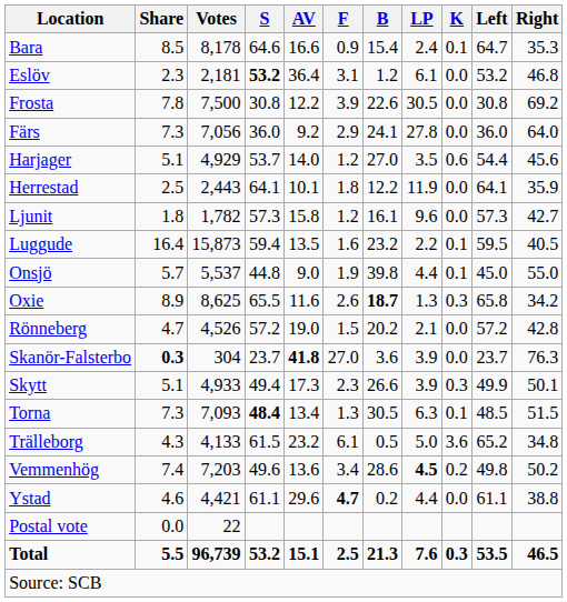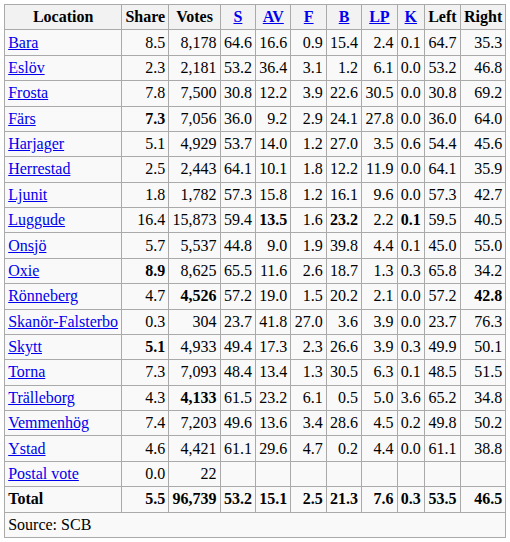 <table class="wikitable sortable" style=text-align:right>
 <tr>
 <th>Location</th>
 <th>Share</th>
 <th>Votes</th>
 <th><a href='#'>S</a></th>
 <th><a href='#'>AV</a></th>
 <th><a href='#'>F</a></th>
 <th><a href='#'>B</a></th>
 <th><a href='#'>LP</a></th>
 <th><a href='#'>K</a></th>
 <th>Left</th>
 <th>Right</th>
 </tr>
 <tr>
 <td align=left><a href='#'>Bara</a></td>
 <td>8.5</td>
 <td>8,178</td>
 <td>64.6</td>
 <td>16.6</td>
 <td>0.9</td>
 <td>15.4</td>
 <td>2.4</td>
 <td>0.1</td>
 <td>64.7</td>
 <td>35.3</td>
 </tr>
 <tr>
 <td align=left><a href='#'>Eslöv</a></td>
 <td>2.3</td>
 <td>2,181</td>
-<td><strong>53.2</strong></td>
+<td>53.2</td>
 <td>36.4</td>
 <td>3.1</td>
 <td>1.2</td>
 <td>6.1</td>
 <td>0.0</td>
 <td>53.2</td>
 <td>46.8</td>
 </tr>
 <tr>
 <td align=left><a href='#'>Frosta</a></td>
 <td>7.8</td>
 <td>7,500</td>
 <td>30.8</td>
 <td>12.2</td>
 <td>3.9</td>
 <td>22.6</td>
 <td>30.5</td>
 <td>0.0</td>
 <td>30.8</td>
 <td>69.2</td>
 </tr>
 <tr>
 <td align=left><a href='#'>Färs</a></td>
-<td>7.3</td>
+<td><strong>7.3</strong></td>
 <td>7,056</td>
 <td>36.0</td>
 <td>9.2</td>
 <td>2.9</td>
 <td>24.1</td>
 <td>27.8</td>
 <td>0.0</td>
 <td>36.0</td>
 <td>64.0</td>
 </tr>
 <tr>
 <td align=left><a href='#'>Harjager</a></td>
 <td>5.1</td>
 <td>4,929</td>
 <td>53.7</td>
 <td>14.0</td>
 <td>1.2</td>
 <td>27.0</td>
 <td>3.5</td>
 <td>0.6</td>
 <td>54.4</td>
 <td>45.6</td>
 </tr>
 <tr>
 <td align=left><a href='#'>Herrestad</a></td>
 <td>2.5</td>
 <td>2,443</td>
 <td>64.1</td>
 <td>10.1</td>
 <td>1.8</td>
 <td>12.2</td>
 <td>11.9</td>
 <td>0.0</td>
 <td>64.1</td>
 <td>35.9</td>
 </tr>
 <tr>
 <td align=left><a href='#'>Ljunit</a></td>
 <td>1.8</td>
 <td>1,782</td>
 <td>57.3</td>
 <td>15.8</td>
 <td>1.2</td>
 <td>16.1</td>
 <td>9.6</td>
 <td>0.0</td>
 <td>57.3</td>
 <td>42.7</td>
 </tr>
 <tr>
 <td align=left><a href='#'>Luggude</a></td>
 <td>16.4</td>
 <td>15,873</td>
 <td>59.4</td>
-<td>13.5</td>
+<td><strong>13.5</strong></td>
 <td>1.6</td>
-<td>23.2</td>
+<td><strong>23.2</strong></td>
 <td>2.2</td>
-<td>0.1</td>
+<td><strong>0.1</strong></td>
 <td>59.5</td>
 <td>40.5</td>
 </tr>
 <tr>
 <td align=left><a href='#'>Onsjö</a></td>
 <td>5.7</td>
 <td>5,537</td>
 <td>44.8</td>
 <td>9.0</td>
 <td>1.9</td>
 <td>39.8</td>
 <td>4.4</td>
 <td>0.1</td>
 <td>45.0</td>
 <td>55.0</td>
 </tr>
 <tr>
 <td align=left><a href='#'>Oxie</a></td>
-<td>8.9</td>
+<td><strong>8.9</strong></td>
 <td>8,625</td>
 <td>65.5</td>
 <td>11.6</td>
 <td>2.6</td>
-<td><strong>18.7</strong></td>
+<td>18.7</td>
 <td>1.3</td>
 <td>0.3</td>
 <td>65.8</td>
 <td>34.2</td>
 </tr>
 <tr>
 <td align=left><a href='#'>Rönneberg</a></td>
 <td>4.7</td>
-<td>4,526</td>
+<td><strong>4,526</strong></td>
 <td>57.2</td>
 <td>19.0</td>
 <td>1.5</td>
 <td>20.2</td>
 <td>2.1</td>
 <td>0.0</td>
 <td>57.2</td>
-<td>42.8</td>
+<td><strong>42.8</strong></td>
 </tr>
 <tr>
 <td align=left><a href='#'>Skanör-Falsterbo</a></td>
-<td><strong>0.3</strong></td>
+<td>0.3</td>
 <td>304</td>
 <td>23.7</td>
-<td><strong>41.8</strong></td>
+<td>41.8</td>
 <td>27.0</td>
 <td>3.6</td>
 <td>3.9</td>
 <td>0.0</td>
 <td>23.7</td>
 <td>76.3</td>
 </tr>
 <tr>
 <td align=left><a href='#'>Skytt</a></td>
-<td>5.1</td>
+<td><strong>5.1</strong></td>
 <td>4,933</td>
 <td>49.4</td>
 <td>17.3</td>
 <td>2.3</td>
 <td>26.6</td>
 <td>3.9</td>
 <td>0.3</td>
 <td>49.9</td>
 <td>50.1</td>
 </tr>
 <tr>
 <td align=left><a href='#'>Torna</a></td>
 <td>7.3</td>
 <td>7,093</td>
-<td><strong>48.4</strong></td>
+<td>48.4</td>
 <td>13.4</td>
 <td>1.3</td>
 <td>30.5</td>
 <td>6.3</td>
 <td>0.1</td>
 <td>48.5</td>
 <td>51.5</td>
 </tr>
 <tr>
 <td align=left><a href='#'>Trälleborg</a></td>
 <td>4.3</td>
-<td>4,133</td>
+<td><strong>4,133</strong></td>
 <td>61.5</td>
 <td>23.2</td>
 <td>6.1</td>
 <td>0.5</td>
 <td>5.0</td>
 <td>3.6</td>
 <td>65.2</td>
 <td>34.8</td>
 </tr>
 <tr>
 <td align=left><a href='#'>Vemmenhög</a></td>
 <td>7.4</td>
 <td>7,203</td>
 <td>49.6</td>
 <td>13.6</td>
 <td>3.4</td>
 <td>28.6</td>
-<td><strong>4.5</strong></td>
+<td>4.5</td>
 <td>0.2</td>
 <td>49.8</td>
 <td>50.2</td>
 </tr>
 <tr>
 <td align=left><a href='#'>Ystad</a></td>
 <td>4.6</td>
 <td>4,421</td>
 <td>61.1</td>
 <td>29.6</td>
-<td><strong>4.7</strong></td>
+<td>4.7</td>
 <td>0.2</td>
 <td>4.4</td>
 <td>0.0</td>
 <td>61.1</td>
 <td>38.8</td>
 </tr>
 <tr>
 <td align=left><a href='#'>Postal vote</a></td>
 <td>0.0</td>
 <td>22</td>
 <td></td>
 <td></td>
 <td></td>
 <td></td>
 <td></td>
 <td></td>
 <td></td>
 <td></td>
 </tr>
 <tr>
 <td align=left><strong>Total</strong></td>
 <td><strong>5.5</strong></td>
 <td><strong>96,739</strong></td>
 <td><strong>53.2</strong></td>
 <td><strong>15.1</strong></td>
 <td><strong>2.5</strong></td>
 <td><strong>21.3</strong></td>
 <td><strong>7.6</strong></td>
 <td><strong>0.3</strong></td>
 <td><strong>53.5</strong></td>
 <td><strong>46.5</strong></td>
 </tr>
 <tr>
 <td align=left colspan=11>Source: SCB </td>
 </tr>
 </table>
